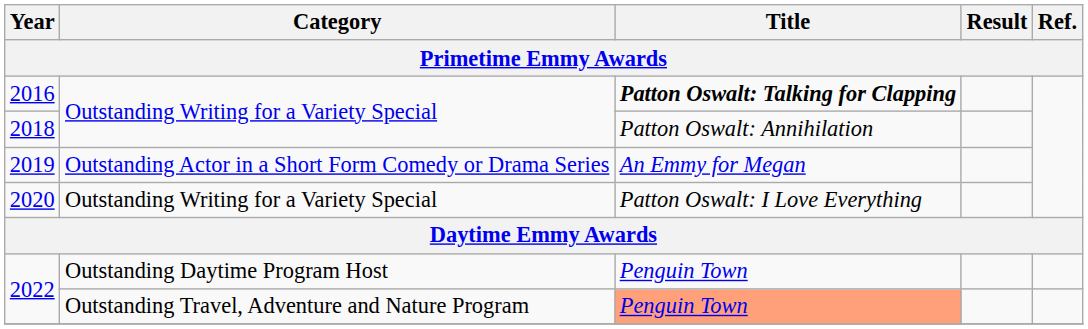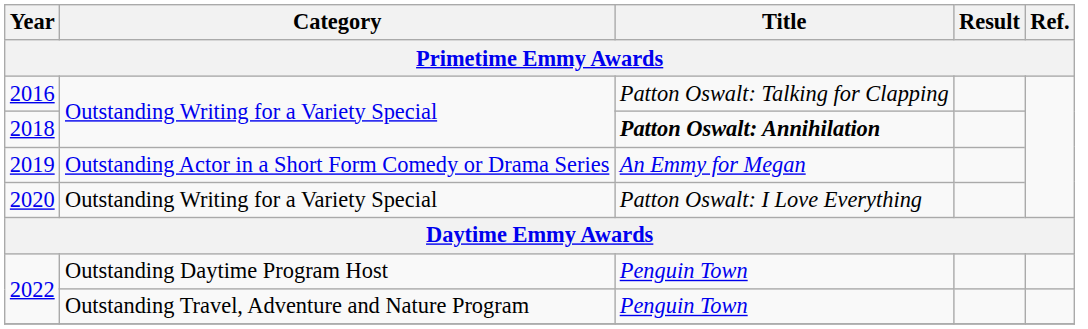 <table class="wikitable">
 <tr>
 <th>Year</th>
 <th>Category</th>
 <th>Title</th>
 <th>Result</th>
 <th>Ref.</th>
 </tr>
 <tr>
 <th colspan="5"><a href='#'>Primetime Emmy Awards</a></th>
 </tr>
 <tr>
 <td><a href='#'>2016</a></td>
 <td rowspan="2"><a href='#'>Outstanding Writing for a Variety Special</a></td>
-<td><strong><em>Patton Oswalt: Talking for Clapping</em></strong></td>
+<td><em>Patton Oswalt: Talking for Clapping</em></td>
 <td></td>
 <td align="center" rowspan="4"></td>
 </tr>
 <tr>
 <td><a href='#'>2018</a></td>
-<td><em>Patton Oswalt: Annihilation</em></td>
+<td><strong><em>Patton Oswalt: Annihilation</em></strong></td>
 <td></td>
 </tr>
 <tr>
 <td><a href='#'>2019</a></td>
 <td><a href='#'>Outstanding Actor in a Short Form Comedy or Drama Series</a></td>
 <td><em><a href='#'>An Emmy for Megan</a></em></td>
 <td></td>
 </tr>
 <tr>
 <td><a href='#'>2020</a></td>
 <td>Outstanding Writing for a Variety Special</td>
 <td><em>Patton Oswalt: I Love Everything</em></td>
 <td></td>
 </tr>
 <tr>
 <th colspan="5"><a href='#'>Daytime Emmy Awards</a></th>
 </tr>
 <tr>
 <td rowspan="2"><a href='#'>2022</a></td>
 <td>Outstanding Daytime Program Host</td>
 <td><em><a href='#'>Penguin Town</a></em></td>
 <td></td>
 <td align="center"></td>
 </tr>
 <tr>
 <td>Outstanding Travel, Adventure and Nature Program</td>
-<td style="background: lightsalmon;"><em><a href='#'>Penguin Town</a></em></td>
+<td><em><a href='#'>Penguin Town</a></em></td>
 <td></td>
 <td align="center"></td>
 </tr>
 <tr>
 </tr>
 </table>
